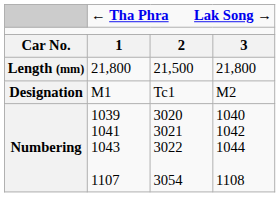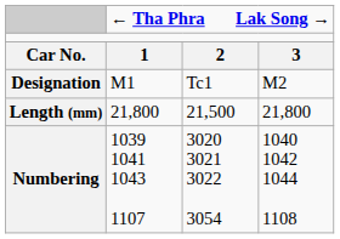 <table class="wikitable">
 <tr>
 <td style="background-color:#ccc;"> </td>
 <td colspan="3">← <strong><a href='#'>Tha Phra</a></strong>                                                    <strong><a href='#'>Lak Song</a></strong> →</td>
 </tr>
 <tr>
 <td colspan="4" style="background:#"></td>
 </tr>
 <tr>
 <th>Car No.</th>
 <th>1</th>
 <th>2</th>
 <th>3</th>
 </tr>
 <tr>
+<th>Designation</th>
+<td>M1</td>
+<td>Tc1</td>
+<td>M2</td>
+</tr>
+<tr>
 <th>Length <small>(mm)</small></th>
 <td>21,800</td>
 <td>21,500</td>
 <td>21,800</td>
-</tr>
-<tr>
-<th>Designation</th>
-<td>M1</td>
-<td>Tc1</td>
-<td>M2</td>
 </tr>
 <tr>
 <th>Numbering</th>
 <td>1039<br>1041<br>1043<br><br>1107</td>
 <td>3020<br>3021<br>3022<br><br>3054</td>
 <td>1040<br>1042<br>1044<br><br>1108</td>
 </tr>
 </table>
